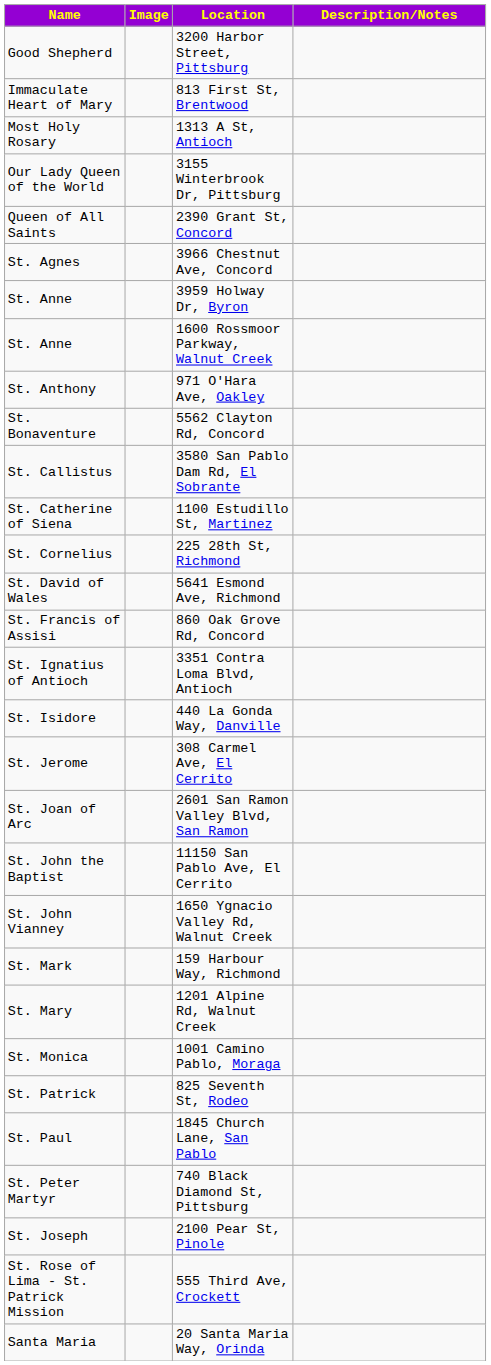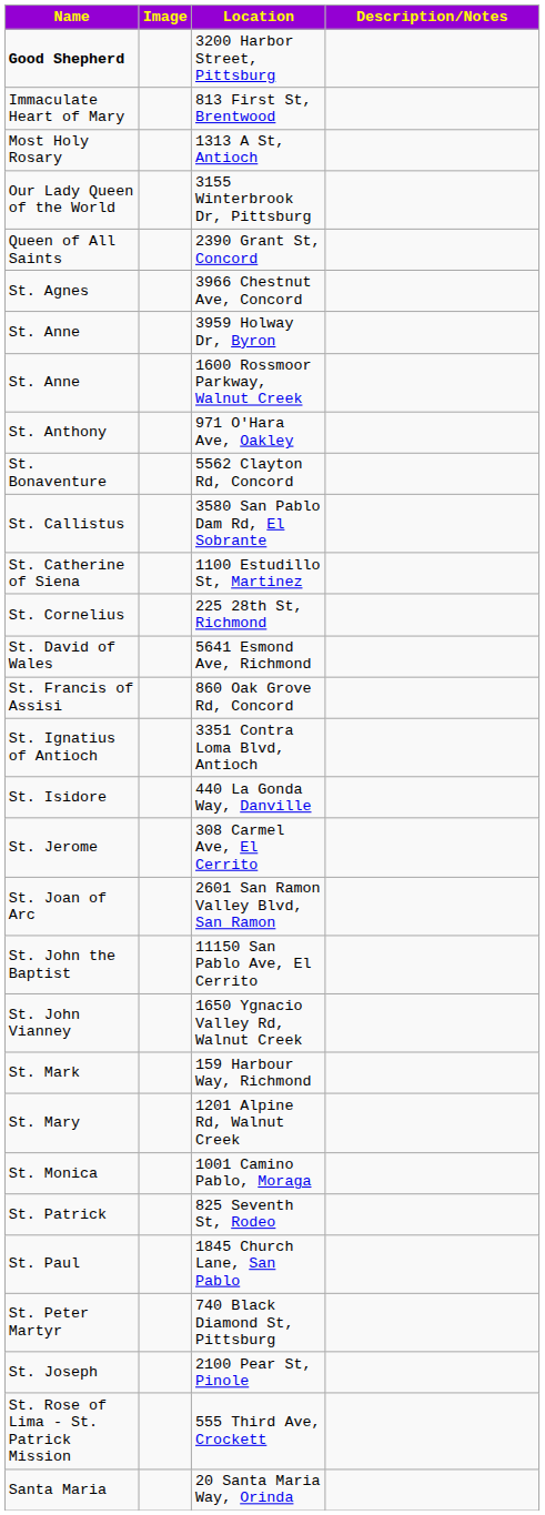 <table class="wikitable sortable" style="width:75%">
 <tr>
 <th style="background:darkviolet; color:yellow;" width="25%"><strong>Name</strong></th>
 <th style="background:darkviolet; color:yellow;" width="10%"><strong>Image</strong></th>
 <th style="background:darkviolet; color:yellow;" width="25%"><strong>Location</strong></th>
 <th style="background:darkviolet; color:yellow;" width="15"><strong>Description/Notes</strong></th>
 </tr>
 <tr>
-<td>Good Shepherd</td>
+<td><strong>Good Shepherd</strong></td>
 <td></td>
 <td>3200 Harbor Street, <a href='#'>Pittsburg</a></td>
 <td></td>
 </tr>
 <tr>
 <td>Immaculate Heart of Mary</td>
 <td></td>
 <td>813 First St, <a href='#'>Brentwood</a></td>
 <td></td>
 </tr>
 <tr>
 <td>Most Holy Rosary</td>
 <td></td>
 <td>1313 A St, <a href='#'>Antioch</a></td>
 <td></td>
 </tr>
 <tr>
 <td>Our Lady Queen of the World</td>
 <td></td>
 <td>3155 Winterbrook Dr, Pittsburg</td>
 <td></td>
 </tr>
 <tr>
 <td>Queen of All Saints</td>
 <td></td>
 <td>2390 Grant St, <a href='#'>Concord</a></td>
 <td></td>
 </tr>
 <tr>
 <td>St. Agnes</td>
 <td></td>
 <td>3966 Chestnut Ave, Concord</td>
 <td></td>
 </tr>
 <tr>
 <td>St. Anne</td>
 <td></td>
 <td>3959 Holway Dr, <a href='#'>Byron</a></td>
 <td></td>
 </tr>
 <tr>
 <td>St. Anne</td>
 <td></td>
 <td>1600 Rossmoor Parkway, <a href='#'>Walnut Creek</a></td>
 </tr>
 <tr>
 <td>St. Anthony</td>
 <td></td>
 <td>971 O'Hara Ave, <a href='#'>Oakley</a></td>
 <td></td>
 </tr>
 <tr>
 <td>St. Bonaventure</td>
 <td></td>
 <td>5562 Clayton Rd, Concord</td>
 <td></td>
 </tr>
 <tr>
 <td>St. Callistus</td>
 <td></td>
 <td>3580 San Pablo Dam Rd, <a href='#'>El Sobrante</a></td>
 <td></td>
 </tr>
 <tr>
 <td>St. Catherine of Siena</td>
 <td></td>
 <td>1100 Estudillo St, <a href='#'>Martinez</a></td>
 <td></td>
 </tr>
 <tr>
 <td>St. Cornelius</td>
 <td></td>
 <td>225 28th St, <a href='#'>Richmond</a></td>
 <td></td>
 </tr>
 <tr>
 <td>St. David of Wales</td>
 <td></td>
 <td>5641 Esmond Ave, Richmond</td>
 <td></td>
 </tr>
 <tr>
 <td>St. Francis of Assisi</td>
 <td></td>
 <td>860 Oak Grove Rd, Concord</td>
 <td></td>
 </tr>
 <tr>
 <td>St. Ignatius of Antioch</td>
 <td></td>
 <td>3351 Contra Loma Blvd, Antioch</td>
 <td></td>
 </tr>
 <tr>
 <td>St. Isidore</td>
 <td></td>
 <td>440 La Gonda Way, <a href='#'>Danville</a></td>
 <td></td>
 </tr>
 <tr>
 <td>St. Jerome</td>
 <td></td>
 <td>308 Carmel Ave, <a href='#'>El Cerrito</a></td>
 <td></td>
 </tr>
 <tr>
 <td>St. Joan of Arc</td>
 <td></td>
 <td>2601 San Ramon Valley Blvd, <a href='#'>San Ramon</a></td>
 <td></td>
 </tr>
 <tr>
 <td>St. John the Baptist</td>
 <td></td>
 <td>11150 San Pablo Ave, El Cerrito</td>
 <td></td>
 </tr>
 <tr>
 <td>St. John Vianney</td>
 <td></td>
 <td>1650 Ygnacio Valley Rd, Walnut Creek</td>
 <td></td>
 </tr>
 <tr>
 <td>St. Mark</td>
 <td></td>
 <td>159 Harbour Way, Richmond</td>
 <td></td>
 </tr>
 <tr>
 <td>St. Mary</td>
 <td></td>
 <td>1201 Alpine Rd, Walnut Creek</td>
 <td></td>
 </tr>
 <tr>
 <td>St. Monica</td>
 <td></td>
 <td>1001 Camino Pablo, <a href='#'>Moraga</a></td>
 <td></td>
 </tr>
 <tr>
 <td>St. Patrick</td>
 <td></td>
 <td>825 Seventh St, <a href='#'>Rodeo</a></td>
 <td></td>
 </tr>
 <tr>
 <td>St. Paul</td>
 <td></td>
 <td>1845 Church Lane, <a href='#'>San Pablo</a></td>
 <td></td>
 </tr>
 <tr>
 <td>St. Peter Martyr</td>
 <td></td>
 <td>740 Black Diamond St, Pittsburg</td>
 <td></td>
 </tr>
 <tr>
 <td>St. Joseph</td>
 <td></td>
 <td>2100 Pear St, <a href='#'>Pinole</a></td>
 <td></td>
 </tr>
 <tr>
 <td>St. Rose of Lima - St. Patrick Mission</td>
 <td></td>
 <td>555 Third Ave, <a href='#'>Crockett</a></td>
 <td></td>
 </tr>
 <tr>
 <td>Santa Maria</td>
 <td></td>
 <td>20 Santa Maria Way, <a href='#'>Orinda</a></td>
 <td></td>
 </tr>
 </table>
